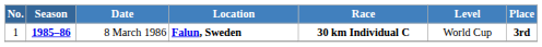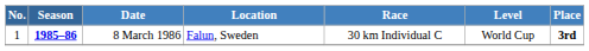 <table class="wikitable sortable" style="font-size:95%; text-align:center; border:grey solid 1px; border-collapse:collapse; background:#ffffff;">
 <tr style="background:#efefef;">
 <th style="background-color:#369; color:white;">No.</th>
 <th style="background-color:#369; color:white;">Season</th>
 <th style="background-color:#4180be; color:white; width:120px;">Date</th>
 <th style="background-color:#4180be; color:white; width:170px;">Location</th>
 <th style="background-color:#4180be; color:white; width:170px;">Race</th>
 <th style="background-color:#4180be; color:white; width:100px;">Level</th>
 <th style="background-color:#4180be; color:white;">Place</th>
 </tr>
 <tr>
 <td align=center>1</td>
 <td rowspan=1 align=center><strong> <a href='#'>1985–86</a> </strong></td>
 <td align=right>8 March 1986</td>
-<td align=left><strong> <a href='#'>Falun</a>, Sweden</strong></td>
-<td><strong>30 km Individual C</strong></td>
+<td align=left> <a href='#'>Falun</a>, Sweden</td>
+<td>30 km Individual C</td>
 <td>World Cup</td>
 <td><strong>3rd</strong></td>
 </tr>
 <tr>
 </tr>
 </table>
